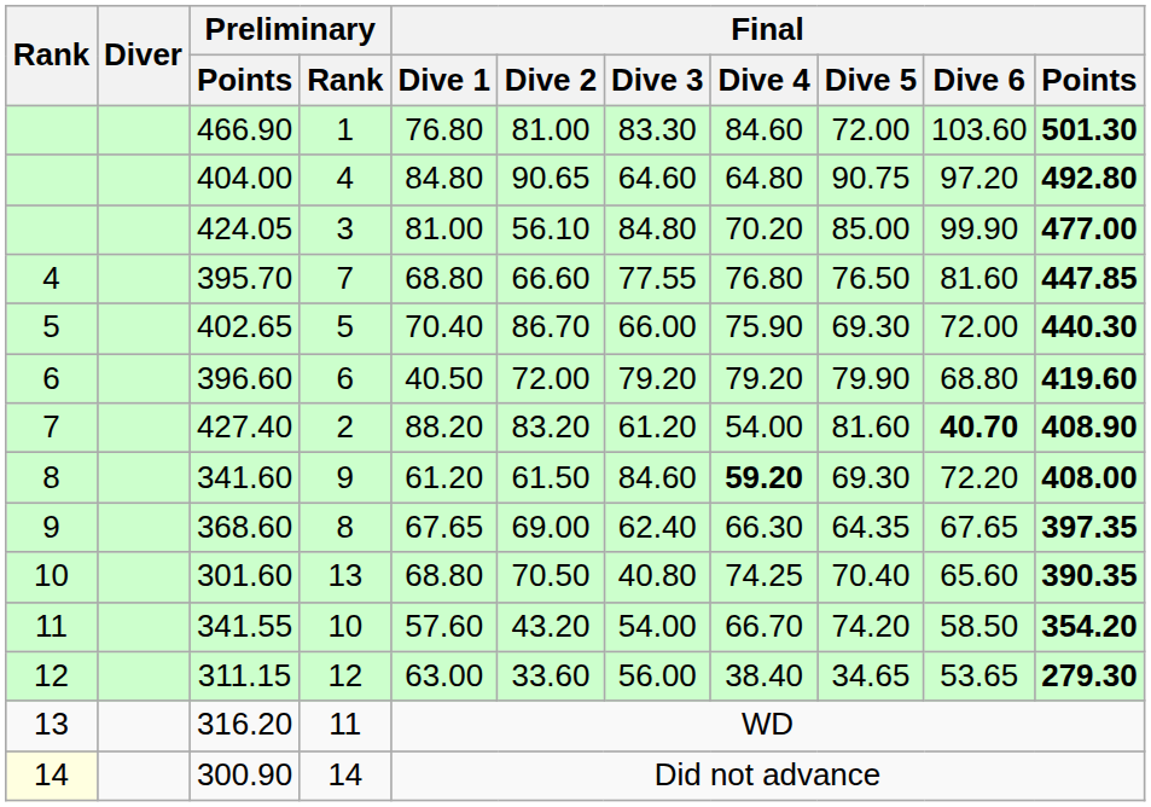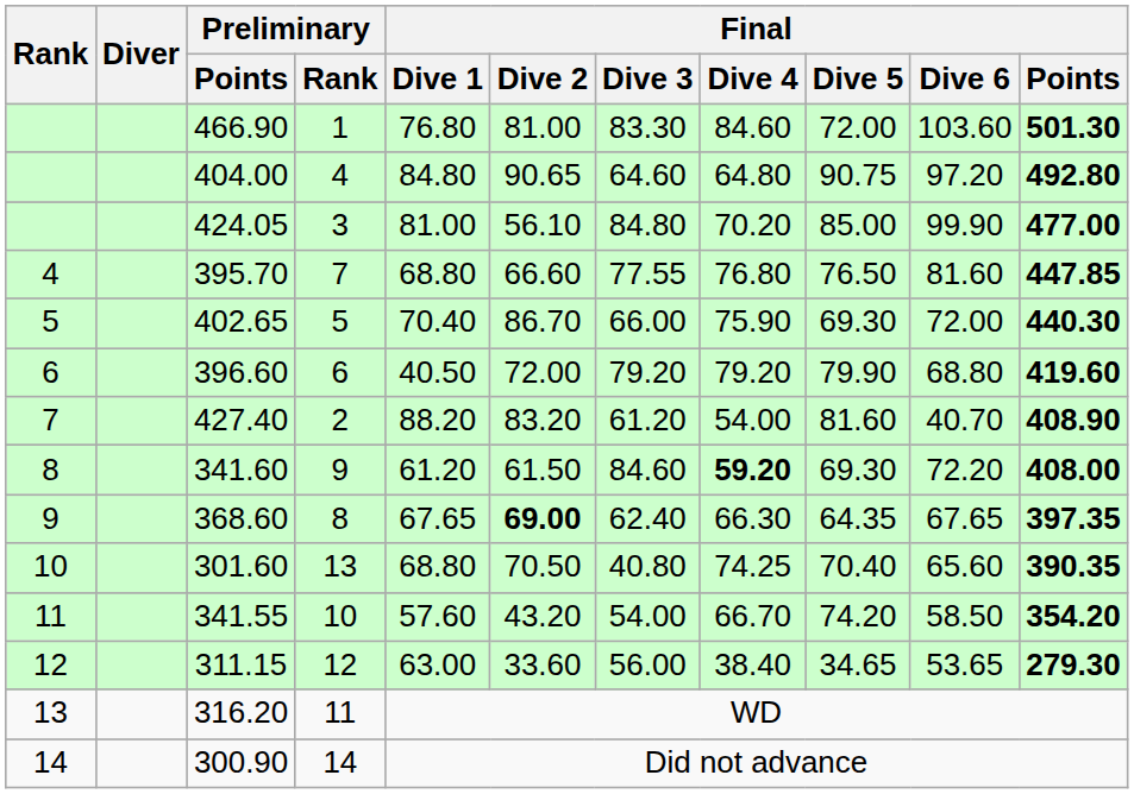 <table class="wikitable sortable" style="text-align:center">
 <tr>
 <th rowspan=2>Rank</th>
 <th rowspan=2>Diver</th>
 <th colspan=2>Preliminary</th>
 <th colspan=7>Final</th>
 </tr>
 <tr>
 <th>Points</th>
 <th>Rank</th>
 <th>Dive 1</th>
 <th>Dive 2</th>
 <th>Dive 3</th>
 <th>Dive 4</th>
 <th>Dive 5</th>
 <th>Dive 6</th>
 <th>Points</th>
 </tr>
 <tr bgcolor=ccffcc>
 <td></td>
 <td align=left></td>
 <td>466.90</td>
 <td>1</td>
 <td>76.80</td>
 <td>81.00</td>
 <td>83.30</td>
 <td>84.60</td>
 <td>72.00</td>
 <td>103.60</td>
 <td><strong>501.30</strong></td>
 </tr>
 <tr bgcolor=ccffcc>
 <td></td>
 <td align=left></td>
 <td>404.00</td>
 <td>4</td>
 <td>84.80</td>
 <td>90.65</td>
 <td>64.60</td>
 <td>64.80</td>
 <td>90.75</td>
 <td>97.20</td>
 <td><strong>492.80</strong></td>
 </tr>
 <tr bgcolor=ccffcc>
 <td></td>
 <td align=left></td>
 <td>424.05</td>
 <td>3</td>
 <td>81.00</td>
 <td>56.10</td>
 <td>84.80</td>
 <td>70.20</td>
 <td>85.00</td>
 <td>99.90</td>
 <td><strong>477.00</strong></td>
 </tr>
 <tr bgcolor=ccffcc>
 <td>4</td>
 <td align=left></td>
 <td>395.70</td>
 <td>7</td>
 <td>68.80</td>
 <td>66.60</td>
 <td>77.55</td>
 <td>76.80</td>
 <td>76.50</td>
 <td>81.60</td>
 <td><strong>447.85</strong></td>
 </tr>
 <tr bgcolor=ccffcc>
 <td>5</td>
 <td align=left></td>
 <td>402.65</td>
 <td>5</td>
 <td>70.40</td>
 <td>86.70</td>
 <td>66.00</td>
 <td>75.90</td>
 <td>69.30</td>
 <td>72.00</td>
 <td><strong>440.30</strong></td>
 </tr>
 <tr bgcolor=ccffcc>
 <td>6</td>
 <td align=left></td>
 <td>396.60</td>
 <td>6</td>
 <td>40.50</td>
 <td>72.00</td>
 <td>79.20</td>
 <td>79.20</td>
 <td>79.90</td>
 <td>68.80</td>
 <td><strong>419.60</strong></td>
 </tr>
 <tr bgcolor=ccffcc>
 <td>7</td>
 <td align=left></td>
 <td>427.40</td>
 <td>2</td>
 <td>88.20</td>
 <td>83.20</td>
 <td>61.20</td>
 <td>54.00</td>
 <td>81.60</td>
-<td><strong>40.70</strong></td>
+<td>40.70</td>
 <td><strong>408.90</strong></td>
 </tr>
 <tr bgcolor=ccffcc>
 <td>8</td>
 <td align=left></td>
 <td>341.60</td>
 <td>9</td>
 <td>61.20</td>
 <td>61.50</td>
 <td>84.60</td>
 <td><strong>59.20</strong></td>
 <td>69.30</td>
 <td>72.20</td>
 <td><strong>408.00</strong></td>
 </tr>
 <tr bgcolor=ccffcc>
 <td>9</td>
 <td align=left></td>
 <td>368.60</td>
 <td>8</td>
 <td>67.65</td>
-<td>69.00</td>
+<td><strong>69.00</strong></td>
 <td>62.40</td>
 <td>66.30</td>
 <td>64.35</td>
 <td>67.65</td>
 <td><strong>397.35</strong></td>
 </tr>
 <tr bgcolor=ccffcc>
 <td>10</td>
 <td align=left></td>
 <td>301.60</td>
 <td>13</td>
 <td>68.80</td>
 <td>70.50</td>
 <td>40.80</td>
 <td>74.25</td>
 <td>70.40</td>
 <td>65.60</td>
 <td><strong>390.35</strong></td>
 </tr>
 <tr bgcolor=ccffcc>
 <td>11</td>
 <td align=left></td>
 <td>341.55</td>
 <td>10</td>
 <td>57.60</td>
 <td>43.20</td>
 <td>54.00</td>
 <td>66.70</td>
 <td>74.20</td>
 <td>58.50</td>
 <td><strong>354.20</strong></td>
 </tr>
 <tr bgcolor=ccffcc>
 <td>12</td>
 <td align=left></td>
 <td>311.15</td>
 <td>12</td>
 <td>63.00</td>
 <td>33.60</td>
 <td>56.00</td>
 <td>38.40</td>
 <td>34.65</td>
 <td>53.65</td>
 <td><strong>279.30</strong></td>
 </tr>
 <tr>
 <td>13</td>
 <td align=left></td>
 <td>316.20</td>
 <td>11</td>
 <td colspan=7>WD</td>
 </tr>
 <tr>
-<td style="background: lightyellow;">14</td>
+<td>14</td>
 <td align=left></td>
 <td>300.90</td>
 <td>14</td>
 <td colspan=7>Did not advance</td>
 </tr>
 </table>
